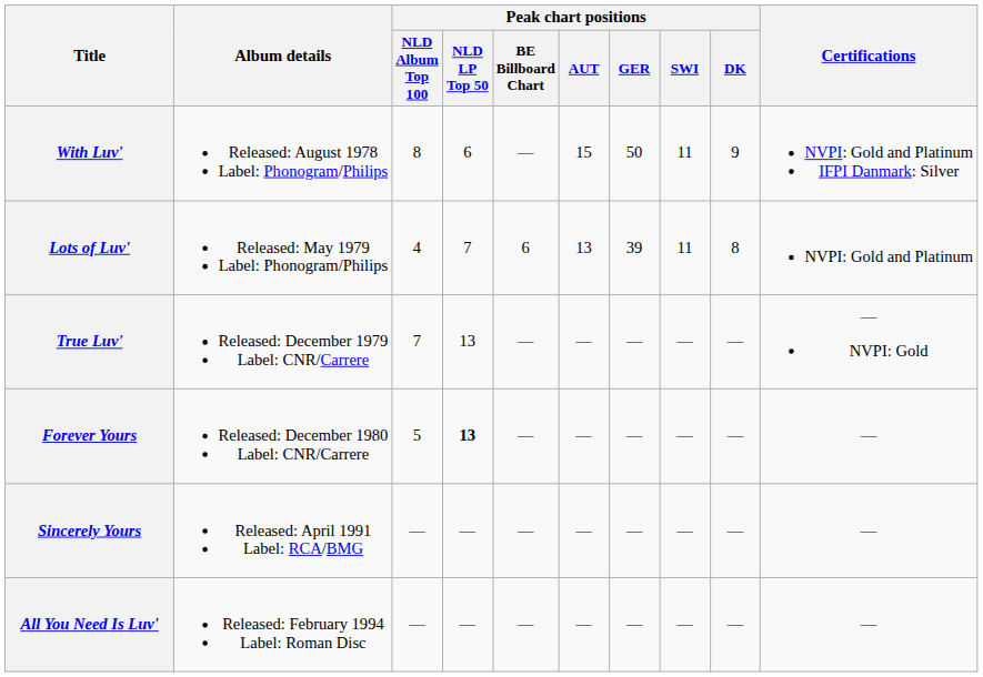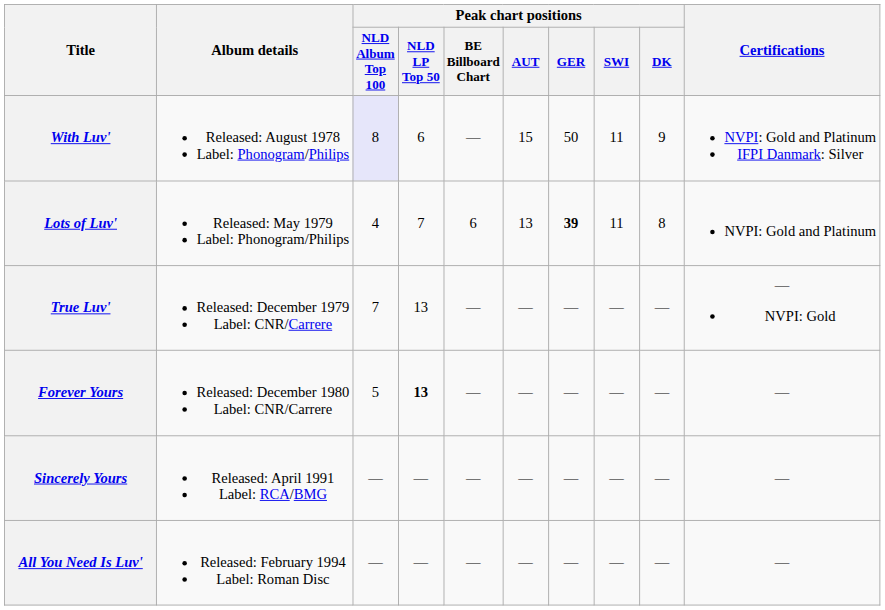 <table class="wikitable plainrowheaders" style="text-align:center;">
 <tr>
 <th rowspan="2" style="width:10em;">Title</th>
 <th rowspan="2">Album details</th>
 <th colspan="7">Peak chart positions</th>
 <th rowspan="2"><a href='#'>Certifications</a></th>
 </tr>
 <tr>
 <th style="width:3em;font-size:90%;"><a href='#'>NLD Album Top 100</a><br></th>
 <th style="width:3em;font-size:90%;"><a href='#'>NLD LP Top 50</a><br></th>
 <th style="width:3em;font-size:90%;">BE Billboard Chart<br></th>
 <th style="width:3em;font-size:90%;"><a href='#'>AUT</a><br></th>
 <th style="width:3em;font-size:90%;"><a href='#'>GER</a><br></th>
 <th style="width:3em;font-size:90%;"><a href='#'>SWI</a><br></th>
 <th style="width:3em;font-size:90%;"><a href='#'>DK</a><br></th>
 </tr>
 <tr>
 <th scope="row"><em><a href='#'>With Luv'</a></em></th>
 <td><br><ul><li>Released: August 1978</li><li>Label: <a href='#'>Phonogram</a>/<a href='#'>Philips</a></li></ul></td>
-<td>8</td>
+<td style="background: lavender;">8</td>
 <td>6</td>
 <td>—</td>
 <td>15</td>
 <td>50</td>
 <td>11</td>
 <td>9</td>
 <td><br><ul><li><a href='#'>NVPI</a>: Gold and Platinum</li><li><a href='#'>IFPI Danmark</a>: Silver</li></ul></td>
 </tr>
 <tr>
 <th scope="row"><em><a href='#'>Lots of Luv'</a></em></th>
 <td><br><ul><li>Released: May 1979</li><li>Label: Phonogram/Philips</li></ul></td>
 <td>4</td>
 <td>7</td>
 <td>6</td>
 <td>13</td>
-<td>39</td>
+<td><strong>39</strong></td>
 <td>11</td>
 <td>8</td>
 <td><br><ul><li>NVPI: Gold and Platinum</li></ul></td>
 </tr>
 <tr>
 <th scope="row"><em><a href='#'>True Luv'</a></em></th>
 <td><br><ul><li>Released: December 1979</li><li>Label: CNR/<a href='#'>Carrere</a></li></ul></td>
 <td>7</td>
 <td>13</td>
 <td>—</td>
 <td>—</td>
 <td>—</td>
 <td>—</td>
 <td>—</td>
 <td>—<br><ul><li>NVPI: Gold</li></ul></td>
 </tr>
 <tr>
 <th scope="row"><em><a href='#'>Forever Yours</a></em></th>
 <td><br><ul><li>Released: December 1980</li><li>Label: CNR/Carrere</li></ul></td>
 <td>5</td>
 <td><strong>13</strong></td>
 <td>—</td>
 <td>—</td>
 <td>—</td>
 <td>—</td>
 <td>—</td>
 <td>—</td>
 </tr>
 <tr>
 <th scope="row"><em><a href='#'>Sincerely Yours</a></em></th>
 <td><br><ul><li>Released: April 1991</li><li>Label: <a href='#'>RCA</a>/<a href='#'>BMG</a></li></ul></td>
 <td>—</td>
 <td>—</td>
 <td>—</td>
 <td>—</td>
 <td>—</td>
 <td>—</td>
 <td>—</td>
 <td>—</td>
 </tr>
 <tr>
 <th scope="row"><em><a href='#'>All You Need Is Luv'</a></em></th>
 <td><br><ul><li>Released: February 1994</li><li>Label: Roman Disc</li></ul></td>
 <td>—</td>
 <td>—</td>
 <td>—</td>
 <td>—</td>
 <td>—</td>
 <td>—</td>
 <td>—</td>
 <td>—</td>
 </tr>
 </table>
